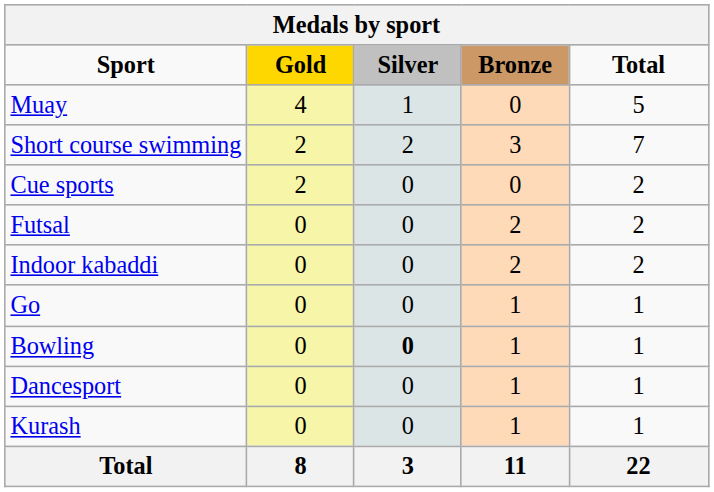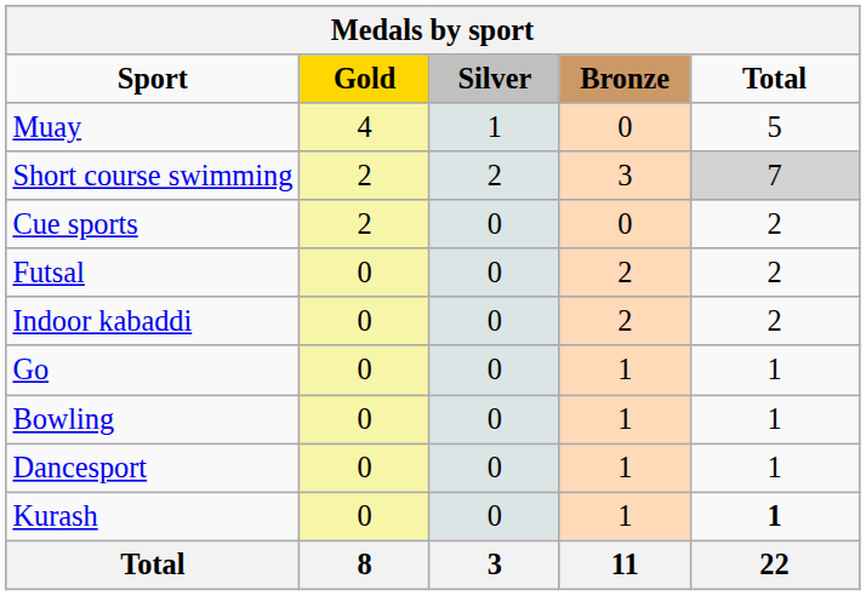 <table class="wikitable" style="font-size:95%; text-align:center;">
 <tr style="background:#efefef;">
 <th colspan=5><strong>Medals by sport</strong></th>
 </tr>
 <tr>
 <td><strong>Sport</strong></td>
 <td width=60 style="background:gold;"><strong>Gold </strong></td>
 <td width=60 style="background:silver;"><strong>Silver </strong></td>
 <td width=60 style="background:#c96;"><strong>Bronze </strong></td>
 <td width=80><strong>Total</strong></td>
 </tr>
 <tr>
 <td align=left> <a href='#'>Muay</a></td>
 <td style="background:#F7F6A8;">4</td>
 <td style="background:#DCE5E5;">1</td>
 <td style="background:#FFDAB9;">0</td>
 <td>5</td>
 </tr>
 <tr>
 <td align=left> <a href='#'>Short course swimming</a></td>
 <td style="background:#F7F6A8;">2</td>
 <td style="background:#DCE5E5;">2</td>
 <td style="background:#FFDAB9;">3</td>
-<td>7</td>
+<td style="background: lightgrey;">7</td>
 </tr>
 <tr>
 <td align=left> <a href='#'>Cue sports</a></td>
 <td style="background:#F7F6A8;">2</td>
 <td style="background:#DCE5E5;">0</td>
 <td style="background:#FFDAB9;">0</td>
 <td>2</td>
 </tr>
 <tr>
 <td align=left> <a href='#'>Futsal</a></td>
 <td style="background:#F7F6A8;">0</td>
 <td style="background:#DCE5E5;">0</td>
 <td style="background:#FFDAB9;">2</td>
 <td>2</td>
 </tr>
 <tr>
 <td align=left> <a href='#'>Indoor kabaddi</a></td>
 <td style="background:#F7F6A8;">0</td>
 <td style="background:#DCE5E5;">0</td>
 <td style="background:#FFDAB9;">2</td>
 <td>2</td>
 </tr>
 <tr>
 <td align=left> <a href='#'>Go</a></td>
 <td style="background:#F7F6A8;">0</td>
 <td style="background:#DCE5E5;">0</td>
 <td style="background:#FFDAB9;">1</td>
 <td>1</td>
 </tr>
 <tr>
 <td align=left> <a href='#'>Bowling</a></td>
 <td style="background:#F7F6A8;">0</td>
-<td style="background:#DCE5E5;"><strong>0</strong></td>
+<td style="background:#DCE5E5;">0</td>
 <td style="background:#FFDAB9;">1</td>
 <td>1</td>
 </tr>
 <tr>
 <td align=left> <a href='#'>Dancesport</a></td>
 <td style="background:#F7F6A8;">0</td>
 <td style="background:#DCE5E5;">0</td>
 <td style="background:#FFDAB9;">1</td>
 <td>1</td>
 </tr>
 <tr>
 <td align=left><a href='#'>Kurash</a></td>
 <td style="background:#F7F6A8;">0</td>
 <td style="background:#DCE5E5;">0</td>
 <td style="background:#FFDAB9;">1</td>
-<td>1</td>
+<td><strong>1</strong></td>
 </tr>
 <tr>
 <th><strong>Total</strong></th>
 <th><strong>8</strong></th>
 <th><strong>3</strong></th>
 <th><strong>11</strong></th>
 <th><strong>22</strong></th>
 </tr>
 </table>
